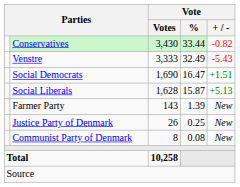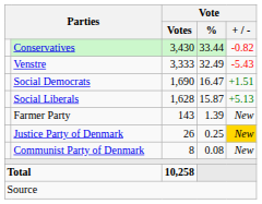 <table class="wikitable" style="text-align:right;">
 <tr>
 <th style="text-align:centre;" rowspan="2" colspan="2" width="225">Parties</th>
 <th colspan="3">Vote</th>
 </tr>
 <tr>
 <th width="15">Votes</th>
 <th width="15">%</th>
 <th width="15">+ / -</th>
 </tr>
 <tr>
 <td width="2" style="color:inherit;background:"></td>
 <td bgcolor=#ccf7cc  align="left"><a href='#'>Conservatives</a></td>
 <td bgcolor=#ccf7cc>3,430</td>
 <td bgcolor=#ccf7cc>33.44</td>
 <td style=color:red;>-0.82</td>
 </tr>
 <tr>
 <td width="2" style="color:inherit;background:"></td>
 <td align="left"><a href='#'>Venstre</a></td>
 <td>3,333</td>
 <td>32.49</td>
 <td style=color:red;>-5.43</td>
 </tr>
 <tr>
 <td width="2" style="color:inherit;background:"></td>
 <td align="left"><a href='#'>Social Democrats</a></td>
 <td>1,690</td>
 <td>16.47</td>
 <td style=color:green;>+1.51</td>
 </tr>
 <tr>
 <td width="2" style="color:inherit;background:"></td>
 <td align="left"><a href='#'>Social Liberals</a></td>
 <td>1,628</td>
 <td>15.87</td>
 <td style=color:green;>+5.13</td>
 </tr>
 <tr>
 <td width="2" style="color:inherit;background:"></td>
 <td align="left">Farmer Party</td>
 <td>143</td>
 <td>1.39</td>
 <td><em>New</em></td>
 </tr>
 <tr>
 <td width="2" style="color:inherit;background:"></td>
 <td align="left"><a href='#'>Justice Party of Denmark</a></td>
 <td>26</td>
 <td>0.25</td>
-<td><em>New</em></td>
+<td style="background: gold;"><em>New</em></td>
 </tr>
 <tr>
 <td width="2" style="color:inherit;background:"></td>
 <td align="left"><a href='#'>Communist Party of Denmark</a></td>
 <td>8</td>
 <td>0.08</td>
 <td><em>New</em></td>
 </tr>
 <tr>
 <td colspan="7" bgcolor="#E9E9E9"></td>
 </tr>
 <tr>
 <td align="left" colspan="2"><strong>Total</strong></td>
 <td><strong>10,258</strong></td>
 <td bgcolor="#E9E9E9" colspan="2"></td>
 </tr>
 <tr>
 <td align="left" colspan="6">Source</td>
 </tr>
 </table>
